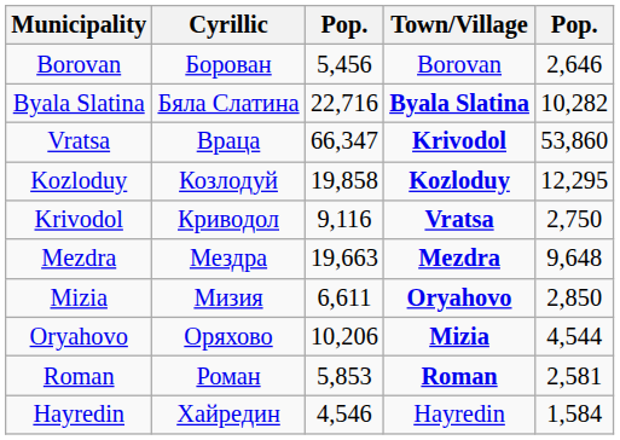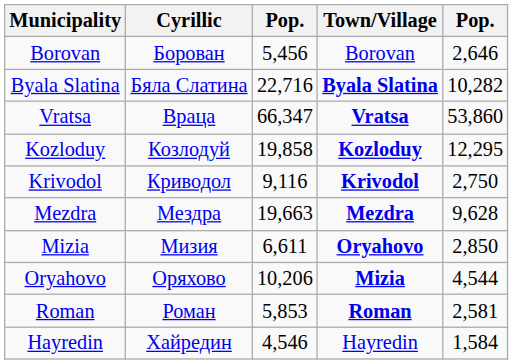 <table class="wikitable sortable">
 <tr>
 <th>Municipality</th>
 <th>Cyrillic</th>
 <th>Pop.</th>
 <th>Town/Village</th>
 <th>Pop.</th>
 </tr>
 <tr>
 <td align="center"><a href='#'>Borovan</a></td>
 <td align="center"><a href='#'>Борован</a></td>
 <td align="center">5,456</td>
 <td align="center"><a href='#'>Borovan</a></td>
 <td align="center">2,646</td>
 </tr>
 <tr>
 <td align="center"><a href='#'>Byala Slatina</a></td>
 <td align="center"><a href='#'>Бяла Слатина</a></td>
 <td align="center">22,716</td>
 <td align="center"><strong><a href='#'>Byala Slatina</a></strong></td>
 <td align="center">10,282</td>
 </tr>
 <tr>
 <td align="center"><a href='#'>Vratsa</a></td>
 <td align="center"><a href='#'>Враца</a></td>
 <td align="center">66,347</td>
-<td align="center"><strong><a href='#'>Krivodol</a></strong></td>
+<td align="center"><strong><a href='#'>Vratsa</a></strong></td>
 <td align="center">53,860</td>
 </tr>
 <tr>
 <td align="center"><a href='#'>Kozloduy</a></td>
 <td align="center"><a href='#'>Козлодуй</a></td>
 <td align="center">19,858</td>
 <td align="center"><strong><a href='#'>Kozloduy</a></strong></td>
 <td align="center">12,295</td>
 </tr>
 <tr>
 <td align="center"><a href='#'>Krivodol</a></td>
 <td align="center"><a href='#'>Криводол</a></td>
 <td align="center">9,116</td>
-<td align="center"><strong><a href='#'>Vratsa</a></strong></td>
+<td align="center"><strong><a href='#'>Krivodol</a></strong></td>
 <td align="center">2,750</td>
 </tr>
 <tr>
 <td align="center"><a href='#'>Mezdra</a></td>
 <td align="center"><a href='#'>Мездра</a></td>
 <td align="center">19,663</td>
 <td align="center"><strong><a href='#'>Mezdra</a></strong></td>
-<td align="center">9,648</td>
+<td align="center">9,628</td>
 </tr>
 <tr>
 <td align="center"><a href='#'>Mizia</a></td>
 <td align="center"><a href='#'>Мизия</a></td>
 <td align="center">6,611</td>
 <td align="center"><strong><a href='#'>Oryahovo</a></strong></td>
 <td align="center">2,850</td>
 </tr>
 <tr>
 <td align="center"><a href='#'>Oryahovo</a></td>
 <td align="center"><a href='#'>Оряхово</a></td>
 <td align="center">10,206</td>
 <td align="center"><strong><a href='#'>Mizia</a></strong></td>
 <td align="center">4,544</td>
 </tr>
 <tr>
 <td align="center"><a href='#'>Roman</a></td>
 <td align="center"><a href='#'>Роман</a></td>
 <td align="center">5,853</td>
 <td align="center"><strong><a href='#'>Roman</a></strong></td>
 <td align="center">2,581</td>
 </tr>
 <tr>
 <td align="center"><a href='#'>Hayredin</a></td>
 <td align="center"><a href='#'>Хайредин</a></td>
 <td align="center">4,546</td>
 <td align="center"><a href='#'>Hayredin</a></td>
 <td align="center">1,584</td>
 </tr>
 </table>
